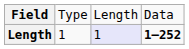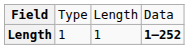 <table class="wikitable">
 <tr>
 <th>Field</th>
 <td>Type</td>
 <td>Length</td>
 <td>Data</td>
 </tr>
 <tr>
 <th>Length</th>
 <td>1</td>
-<td style="background: lavender;">1</td>
+<td>1</td>
 <td><strong>1–252</strong></td>
 </tr>
 </table>
